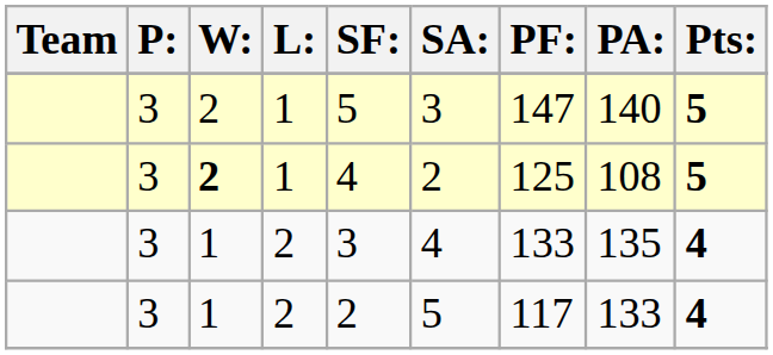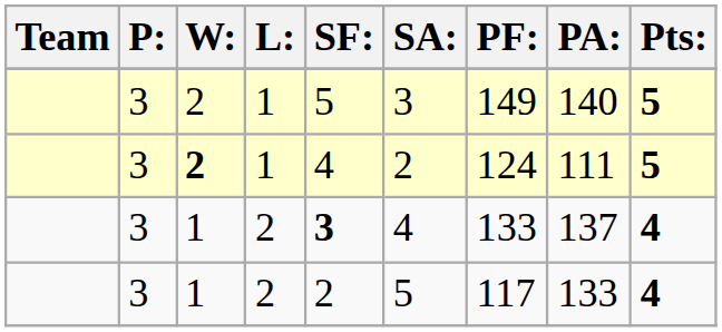 <table class="wikitable">
 <tr>
 <th>Team</th>
 <th>P:</th>
 <th>W:</th>
 <th>L:</th>
 <th>SF:</th>
 <th>SA:</th>
 <th>PF:</th>
 <th>PA:</th>
 <th>Pts:</th>
 </tr>
 <tr valign="top">
 </tr>
 <tr bgcolor="#ffffcc">
 <td></td>
 <td>3</td>
 <td>2</td>
 <td>1</td>
 <td>5</td>
 <td>3</td>
-<td>147</td>
+<td>149</td>
 <td>140</td>
 <td><strong>5</strong></td>
 </tr>
 <tr bgcolor="#ffffcc">
 <td></td>
 <td>3</td>
 <td><strong>2</strong></td>
 <td>1</td>
 <td>4</td>
 <td>2</td>
-<td>125</td>
-<td>108</td>
+<td>124</td>
+<td>111</td>
 <td><strong>5</strong></td>
 </tr>
 <tr>
 <td></td>
 <td>3</td>
 <td>1</td>
 <td>2</td>
-<td>3</td>
+<td><strong>3</strong></td>
 <td>4</td>
 <td>133</td>
-<td>135</td>
+<td>137</td>
 <td><strong>4</strong></td>
 </tr>
 <tr>
 <td></td>
 <td>3</td>
 <td>1</td>
 <td>2</td>
 <td>2</td>
 <td>5</td>
 <td>117</td>
 <td>133</td>
 <td><strong>4</strong></td>
 </tr>
 <tr>
 </tr>
 </table>
